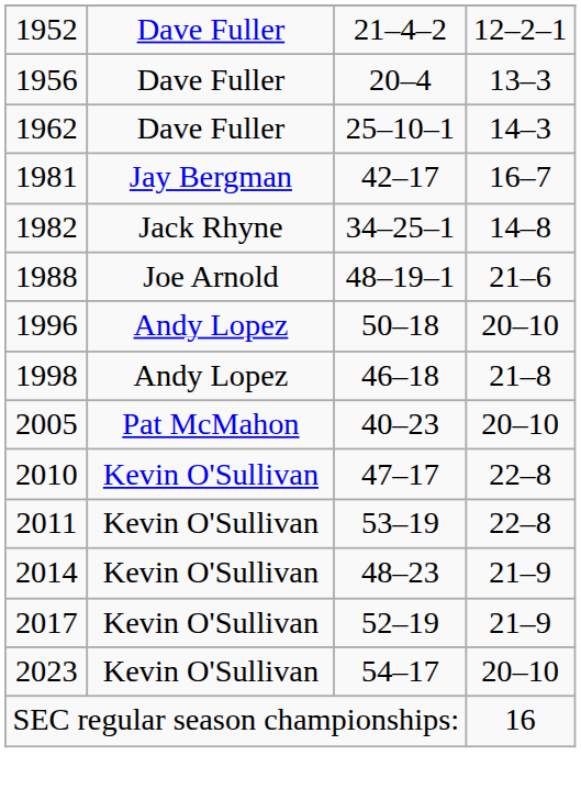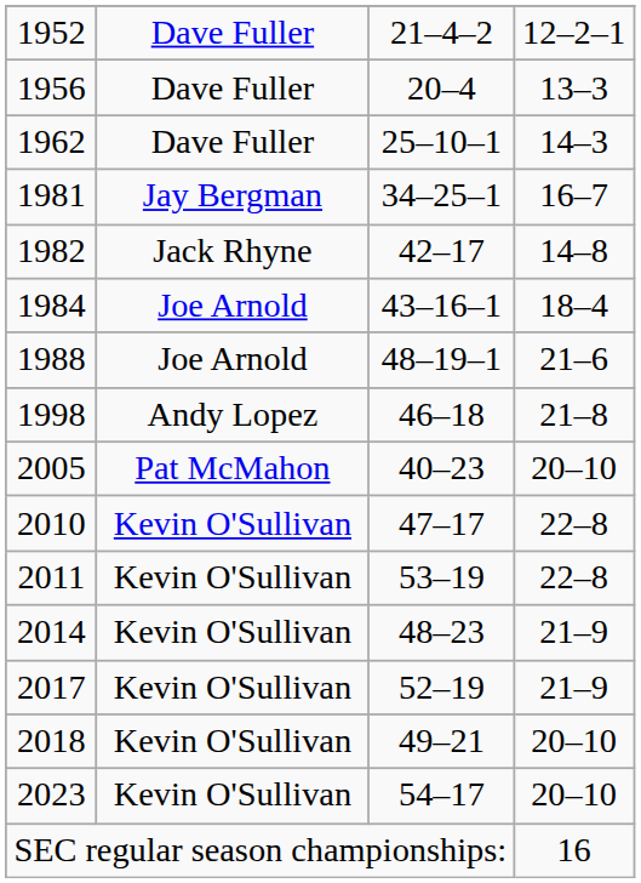 <table class="wikitable" style="text-align:center;">
 <tr>
 </tr>
 <tr>
 <td>1952</td>
 <td><a href='#'>Dave Fuller</a></td>
 <td>21–4–2</td>
 <td>12–2–1</td>
 </tr>
 <tr>
 <td>1956</td>
 <td>Dave Fuller</td>
 <td>20–4</td>
 <td>13–3</td>
 </tr>
 <tr>
 <td>1962</td>
 <td>Dave Fuller</td>
 <td>25–10–1</td>
 <td>14–3</td>
 </tr>
 <tr>
 <td>1981</td>
 <td><a href='#'>Jay Bergman</a></td>
-<td>42–17</td>
+<td>34–25–1</td>
 <td>16–7</td>
 </tr>
 <tr>
 <td>1982</td>
 <td>Jack Rhyne</td>
-<td>34–25–1</td>
+<td>42–17</td>
 <td>14–8</td>
+</tr>
+<tr>
+<td>1984</td>
+<td><a href='#'>Joe Arnold</a></td>
+<td>43–16–1</td>
+<td>18–4</td>
 </tr>
 <tr>
 <td>1988</td>
 <td>Joe Arnold</td>
 <td>48–19–1</td>
 <td>21–6</td>
-</tr>
-<tr>
-<td>1996</td>
-<td><a href='#'>Andy Lopez</a></td>
-<td>50–18</td>
-<td>20–10</td>
 </tr>
 <tr>
 <td>1998</td>
 <td>Andy Lopez</td>
 <td>46–18</td>
 <td>21–8</td>
 </tr>
 <tr>
 <td>2005</td>
 <td><a href='#'>Pat McMahon</a></td>
 <td>40–23</td>
 <td>20–10</td>
 </tr>
 <tr>
 <td>2010</td>
 <td><a href='#'>Kevin O'Sullivan</a></td>
 <td>47–17</td>
 <td>22–8</td>
 </tr>
 <tr>
 <td>2011</td>
 <td>Kevin O'Sullivan</td>
 <td>53–19</td>
 <td>22–8</td>
 </tr>
 <tr>
 <td>2014</td>
 <td>Kevin O'Sullivan</td>
 <td>48–23</td>
 <td>21–9</td>
 </tr>
 <tr>
 <td>2017</td>
 <td>Kevin O'Sullivan</td>
 <td>52–19</td>
 <td>21–9</td>
 </tr>
 <tr>
+<td>2018</td>
+<td>Kevin O'Sullivan</td>
+<td>49–21</td>
+<td>20–10</td>
+</tr>
+<tr>
 <td>2023</td>
 <td>Kevin O'Sullivan</td>
 <td>54–17</td>
 <td>20–10</td>
 </tr>
 <tr>
 <td colspan=3>SEC regular season championships:</td>
 <td>16</td>
 </tr>
 </table>
